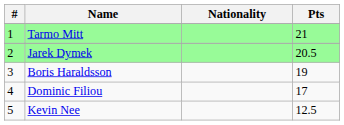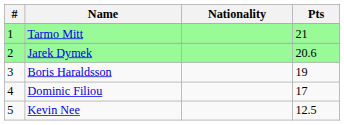 <table class="wikitable" style="display: inline-table; width: 50%;">
 <tr>
 <th>#</th>
 <th>Name</th>
 <th>Nationality</th>
 <th>Pts</th>
 </tr>
 <tr>
 </tr>
 <tr style="background:palegreen">
 <td>1</td>
 <td><a href='#'>Tarmo Mitt</a></td>
 <td></td>
 <td>21</td>
 </tr>
 <tr>
 </tr>
 <tr style="background:palegreen">
 <td>2</td>
 <td><a href='#'>Jarek Dymek</a></td>
 <td></td>
-<td>20.5</td>
+<td>20.6</td>
 </tr>
 <tr>
 <td>3</td>
 <td><a href='#'>Boris Haraldsson</a></td>
 <td></td>
 <td>19</td>
 </tr>
 <tr>
 <td>4</td>
 <td><a href='#'>Dominic Filiou</a></td>
 <td></td>
 <td>17</td>
 </tr>
 <tr>
 <td>5</td>
 <td><a href='#'>Kevin Nee</a></td>
 <td></td>
 <td>12.5</td>
 </tr>
 </table>
